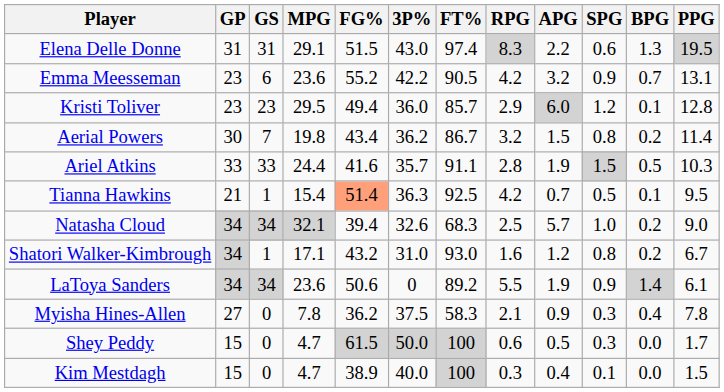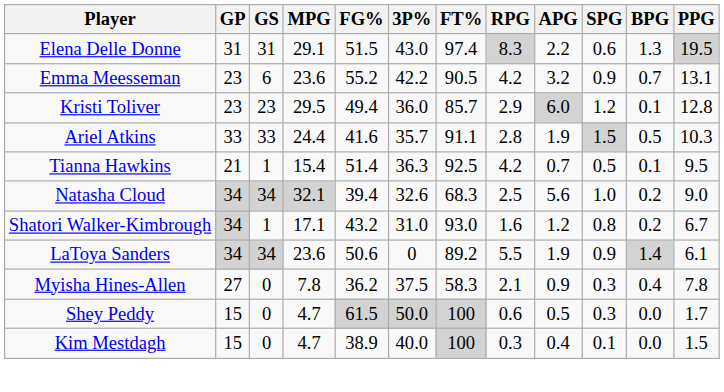 <table class="wikitable sortable" style="text-align:center;">
 <tr>
 <th>Player</th>
 <th>GP</th>
 <th>GS</th>
 <th>MPG</th>
 <th>FG%</th>
 <th>3P%</th>
 <th>FT%</th>
 <th>RPG</th>
 <th>APG</th>
 <th>SPG</th>
 <th>BPG</th>
 <th>PPG</th>
 </tr>
 <tr>
 <td><a href='#'>Elena Delle Donne</a></td>
 <td>31</td>
 <td>31</td>
 <td>29.1</td>
 <td>51.5</td>
 <td>43.0</td>
 <td>97.4</td>
 <td style="background:#D3D3D3;">8.3</td>
 <td>2.2</td>
 <td>0.6</td>
 <td>1.3</td>
 <td style="background:#D3D3D3;">19.5</td>
 </tr>
 <tr>
 <td><a href='#'>Emma Meesseman</a></td>
 <td>23</td>
 <td>6</td>
 <td>23.6</td>
 <td>55.2</td>
 <td>42.2</td>
 <td>90.5</td>
 <td>4.2</td>
 <td>3.2</td>
 <td>0.9</td>
 <td>0.7</td>
 <td>13.1</td>
 </tr>
 <tr>
 <td><a href='#'>Kristi Toliver</a></td>
 <td>23</td>
 <td>23</td>
 <td>29.5</td>
 <td>49.4</td>
 <td>36.0</td>
 <td>85.7</td>
 <td>2.9</td>
 <td style="background:#D3D3D3;">6.0</td>
 <td>1.2</td>
 <td>0.1</td>
 <td>12.8</td>
 </tr>
 <tr>
-<td><a href='#'>Aerial Powers</a></td>
-<td>30</td>
-<td>7</td>
-<td>19.8</td>
-<td>43.4</td>
-<td>36.2</td>
-<td>86.7</td>
-<td>3.2</td>
-<td>1.5</td>
-<td>0.8</td>
-<td>0.2</td>
-<td>11.4</td>
-</tr>
-<tr>
 <td><a href='#'>Ariel Atkins</a></td>
 <td>33</td>
 <td>33</td>
 <td>24.4</td>
 <td>41.6</td>
 <td>35.7</td>
 <td>91.1</td>
 <td>2.8</td>
 <td>1.9</td>
 <td style="background:#D3D3D3;">1.5</td>
 <td>0.5</td>
 <td>10.3</td>
 </tr>
 <tr>
 <td><a href='#'>Tianna Hawkins</a></td>
 <td>21</td>
 <td>1</td>
 <td>15.4</td>
-<td style="background: lightsalmon;">51.4</td>
+<td>51.4</td>
 <td>36.3</td>
 <td>92.5</td>
 <td>4.2</td>
 <td>0.7</td>
 <td>0.5</td>
 <td>0.1</td>
 <td>9.5</td>
 </tr>
 <tr>
 <td><a href='#'>Natasha Cloud</a></td>
 <td style="background:#D3D3D3;">34</td>
 <td style="background:#D3D3D3;">34</td>
 <td style="background:#D3D3D3;">32.1</td>
 <td>39.4</td>
 <td>32.6</td>
 <td>68.3</td>
 <td>2.5</td>
-<td>5.7</td>
+<td>5.6</td>
 <td>1.0</td>
 <td>0.2</td>
 <td>9.0</td>
 </tr>
 <tr>
 <td><a href='#'>Shatori Walker-Kimbrough</a></td>
 <td style="background:#D3D3D3;">34</td>
 <td>1</td>
 <td>17.1</td>
 <td>43.2</td>
 <td>31.0</td>
 <td>93.0</td>
 <td>1.6</td>
 <td>1.2</td>
 <td>0.8</td>
 <td>0.2</td>
 <td>6.7</td>
 </tr>
 <tr>
 <td><a href='#'>LaToya Sanders</a></td>
 <td style="background:#D3D3D3;">34</td>
 <td style="background:#D3D3D3;">34</td>
 <td>23.6</td>
 <td>50.6</td>
 <td>0</td>
 <td>89.2</td>
 <td>5.5</td>
 <td>1.9</td>
 <td>0.9</td>
 <td style="background:#D3D3D3;">1.4</td>
 <td>6.1</td>
 </tr>
 <tr>
 <td><a href='#'>Myisha Hines-Allen</a></td>
 <td>27</td>
 <td>0</td>
 <td>7.8</td>
 <td>36.2</td>
 <td>37.5</td>
 <td>58.3</td>
 <td>2.1</td>
 <td>0.9</td>
 <td>0.3</td>
 <td>0.4</td>
 <td>7.8</td>
 </tr>
 <tr>
 <td><a href='#'>Shey Peddy</a></td>
 <td>15</td>
 <td>0</td>
 <td>4.7</td>
 <td style="background:#D3D3D3;">61.5</td>
 <td style="background:#D3D3D3;">50.0</td>
 <td style="background:#D3D3D3;">100</td>
 <td>0.6</td>
 <td>0.5</td>
 <td>0.3</td>
 <td>0.0</td>
 <td>1.7</td>
 </tr>
 <tr>
 <td><a href='#'>Kim Mestdagh</a></td>
 <td>15</td>
 <td>0</td>
 <td>4.7</td>
 <td>38.9</td>
 <td>40.0</td>
 <td style="background:#D3D3D3;">100</td>
 <td>0.3</td>
 <td>0.4</td>
 <td>0.1</td>
 <td>0.0</td>
 <td>1.5</td>
 </tr>
 </table>
